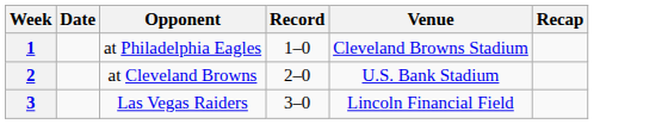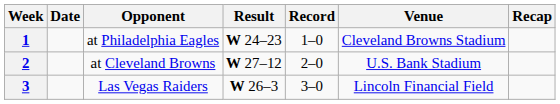 <table class="wikitable" style="text-align:center">
 <tr>
 <th>Week</th>
 <th>Date</th>
 <th>Opponent</th>
+<th>Result</th>
 <th>Record</th>
 <th>Venue</th>
 <th>Recap</th>
 </tr>
 <tr>
 <th><a href='#'>1</a></th>
 <td></td>
 <td>at <a href='#'>Philadelphia Eagles</a></td>
+<td><strong>W</strong> 24–23</td>
 <td>1–0</td>
 <td><a href='#'>Cleveland Browns Stadium</a></td>
 <td></td>
 </tr>
 <tr>
 <th><a href='#'>2</a></th>
 <td></td>
 <td>at <a href='#'>Cleveland Browns</a></td>
+<td><strong>W</strong> 27–12</td>
 <td>2–0</td>
 <td><a href='#'>U.S. Bank Stadium</a></td>
 <td></td>
 </tr>
 <tr>
 <th><a href='#'>3</a></th>
 <td></td>
 <td><a href='#'>Las Vegas Raiders</a></td>
+<td><strong>W</strong> 26–3</td>
 <td>3–0</td>
 <td><a href='#'>Lincoln Financial Field</a></td>
 <td></td>
 </tr>
 </table>
